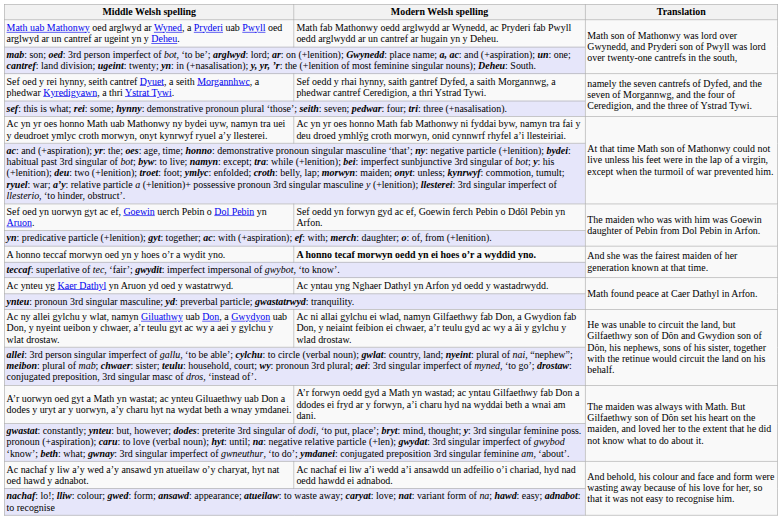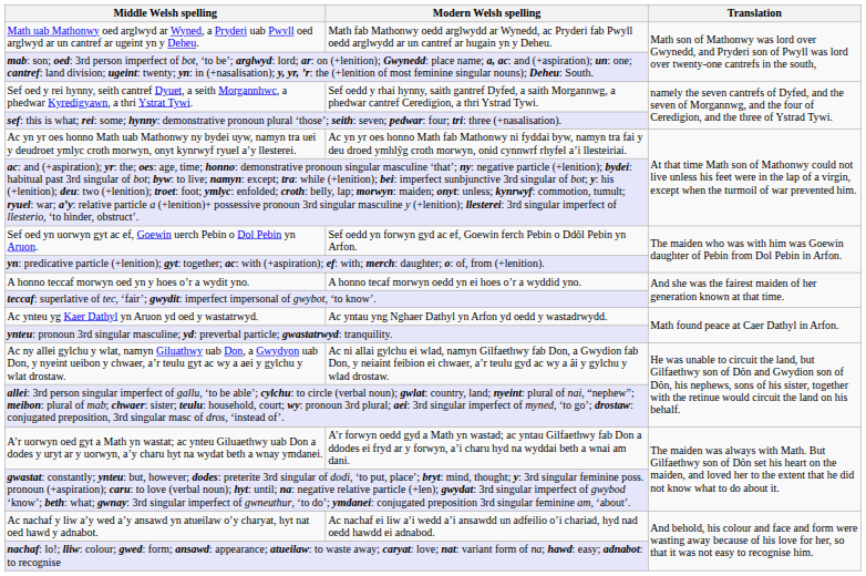 <table class="wikitable">
 <tr>
 <th>Middle Welsh spelling</th>
 <th>Modern Welsh spelling</th>
 <th>Translation</th>
 </tr>
 <tr>
 <td><a href='#'>Math uab Mathonwy</a> oed arglwyd ar <a href='#'>Wyned</a>, a <a href='#'>Pryderi</a> uab <a href='#'>Pwyll</a> oed arglwyd ar un cantref ar ugeint yn y <a href='#'>Deheu</a>.</td>
 <td>Math fab Mathonwy oedd arglwydd ar Wynedd, ac Pryderi fab Pwyll oedd arglwydd ar un cantref ar hugain yn y Deheu.</td>
 <td rowspan="2">Math son of Mathonwy was lord over Gwynedd, and Pryderi son of Pwyll was lord over twenty-one cantrefs in the south,</td>
 </tr>
 <tr>
 <td style="background: lavender;" colspan="2"><strong><em>mab</em></strong>: son; <strong><em>oed</em></strong>: 3rd person imperfect of <em>bot</em>, ‘to be’; <strong><em>arglwyd</em></strong>: lord; <strong><em>ar</em></strong>: on (+lenition); <strong><em>Gwynedd</em></strong>: place name; <strong><em>a<em>, </em>ac</em></strong>: and (+aspiration); <strong><em>un</em></strong>: one; <strong><em>cantref</em></strong>: land division; <strong><em>ugeint</em></strong>: twenty; <strong><em>yn</em></strong>: in (+nasalisation); <strong><em>y<em>, </em>yr, ’r</em></strong>: the (+lenition of most feminine singular nouns); <strong><em>Deheu</em></strong>: South.</td>
 </tr>
 <tr>
 <td>Sef oed y rei hynny, seith cantref <a href='#'>Dyuet</a>, a seith <a href='#'>Morgannhwc</a>, a phedwar <a href='#'>Kyredigyawn</a>, a thri <a href='#'>Ystrat Tywi</a>.</td>
 <td>Sef oedd y rhai hynny, saith gantref Dyfed, a saith Morgannwg, a phedwar cantref Ceredigion, a thri Ystrad Tywi.</td>
 <td rowspan="2">namely the seven cantrefs of Dyfed, and the seven of Morgannwg, and the four of Ceredigion, and the three of Ystrad Tywi.</td>
 </tr>
 <tr>
 <td style="background: lavender;" colspan="2"><strong><em>sef</em></strong>: this is what; <strong><em>rei</em></strong>: some; <strong><em>hynny</em></strong>: demonstrative pronoun plural ‘those’; <strong><em>seith</em></strong>: seven; <strong><em>pedwar</em></strong>: four; <strong><em>tri</em></strong>: three (+nasalisation).</td>
 </tr>
 <tr>
 <td>Ac yn yr oes honno Math uab Mathonwy ny bydei uyw, namyn tra uei y deudroet ymlyc croth morwyn, onyt kynrwyf ryuel a’y llesterei.</td>
 <td>Ac yn yr oes honno Math fab Mathonwy ni fyddai byw, namyn tra fai y deu droed ymhlŷg croth morwyn, onid cynnwrf rhyfel a’i llesteiriai.</td>
 <td rowspan="2">At that time Math son of Mathonwy could not live unless his feet were in the lap of a virgin, except when the turmoil of war prevented him.</td>
 </tr>
 <tr>
 <td style="background: lavender;" colspan="2"><strong><em>ac</em></strong>: and (+aspiration); <strong><em>yr</em></strong>: the; <strong><em>oes</em></strong>: age, time; <strong><em>honno</em></strong>: demonstrative pronoun singular masculine ‘that’; <strong><em>ny</em></strong>: negative particle (+lenition); <strong><em>bydei</em></strong>: habitual past 3rd singular of <em>bot</em>; <strong><em>byw</em></strong>: to live; <strong><em>namyn</em></strong>: except; <strong><em>tra</em></strong>: while (+lenition); <strong><em>bei</em></strong>: imperfect sunbjunctive  3rd singular of <em>bot</em>; <strong><em>y</em></strong>: his (+lenition); <strong><em>deu</em></strong>: two (+lenition); <strong><em>troet</em></strong>: foot; <strong><em>ymlyc</em></strong>: enfolded; <strong><em>croth</em></strong>: belly, lap; <strong><em>morwyn</em></strong>: maiden; <strong><em>onyt</em></strong>: unless; <strong><em>kynrwyf</em></strong>: commotion, tumult; <strong><em>ryuel</em></strong>: war; <strong><em>a’y</em></strong>: relative particle <em>a</em> (+lenition)+ possessive pronoun 3rd singular masculine <em>y</em> (+lenition); <strong><em>llesterei</em></strong>: 3rd singular imperfect of <em>llesterio</em>, ‘to hinder, obstruct’.</td>
 </tr>
 <tr>
 <td>Sef oed yn uorwyn gyt ac ef, <a href='#'>Goewin</a> uerch Pebin o <a href='#'>Dol Pebin</a> yn <a href='#'>Aruon</a>.</td>
 <td>Sef oedd yn forwyn gyd ac ef, Goewin ferch Pebin o Ddôl Pebin yn Arfon.</td>
 <td rowspan="2">The maiden who was with him was Goewin daughter of Pebin from Dol Pebin in Arfon.</td>
 </tr>
 <tr>
 <td style="background: lavender;" colspan="2"><strong><em>yn</em></strong>: predicative particle (+lenition); <strong><em>gyt</em></strong>: together; <strong><em>ac</em></strong>: with (+aspiration); <strong><em>ef</em></strong>: with; <strong><em>merch</em></strong>: daughter; <strong><em>o</em></strong>: of, from (+lenition).</td>
 </tr>
 <tr>
 <td>A honno teccaf morwyn oed yn y hoes o’r a wydit yno.</td>
-<td><strong>A honno tecaf morwyn oedd yn ei hoes o’r a wyddid yno.</strong></td>
+<td>A honno tecaf morwyn oedd yn ei hoes o’r a wyddid yno.</td>
 <td rowspan="2">And she was the fairest maiden of her generation known at that time.</td>
 </tr>
 <tr>
 <td style="background: lavender;" colspan="2"><strong><em>teccaf</em></strong>: superlative of <em>tec</em>, ‘fair’; <strong><em>gwydit</em></strong>: imperfect impersonal of <em>gwybot</em>, ‘to know’.</td>
 </tr>
 <tr>
 <td>Ac ynteu yg <a href='#'>Kaer Dathyl</a> yn Aruon yd oed y wastatrwyd.</td>
 <td>Ac yntau yng Nghaer Dathyl yn Arfon yd oedd y wastadrwydd.</td>
 <td rowspan="2">Math found peace at Caer Dathyl in Arfon.</td>
 </tr>
 <tr>
 <td style="background: lavender;" colspan="2"><strong><em>ynteu</em></strong>: pronoun 3rd singular masculine; <strong><em>yd</em></strong>: preverbal particle; <strong><em>gwastatrwyd</em></strong>: tranquility.</td>
 </tr>
 <tr>
 <td>Ac ny allei gylchu y wlat, namyn <a href='#'>Giluathwy</a> uab <a href='#'>Don</a>, a <a href='#'>Gwydyon</a> uab Don, y nyeint ueibon y chwaer, a’r teulu gyt ac wy a aei y gylchu y wlat drostaw.</td>
 <td>Ac ni allai gylchu ei wlad, namyn Gilfaethwy fab Don, a Gwydion fab Don, y neiaint feibion ei chwaer, a’r teulu gyd ac wy a âi y gylchu y wlad drostaw.</td>
 <td rowspan="2">He was unable to circuit the land, but Gilfaethwy son of Dôn and Gwydion son of Dôn, his nephews, sons of his sister, together with the retinue would circuit the land on his behalf.</td>
 </tr>
 <tr>
 <td style="background: lavender;" colspan="2"><strong><em>allei</em></strong>: 3rd person singular imperfect of <em>gallu</em>, ‘to be able’; <strong><em>cylchu</em></strong>: to circle (verbal noun); <strong><em>gwlat</em></strong>: country, land; <strong><em>nyeint</em></strong>: plural of <em>nai</em>, “nephew”; <strong><em>meibon</em></strong>: plural of <em>mab</em>; <strong><em>chwaer</em></strong>: sister; <strong><em>teulu</em></strong>: household, court; <strong><em>wy</em></strong>: pronoun 3rd plural; <strong><em>aei</em></strong>: 3rd singular imperfect of <em>myned</em>, ‘to go’; <strong><em>drostaw</em></strong>: conjugated preposition, 3rd singular masc of <em>dros</em>, ‘instead of’.</td>
 </tr>
 <tr>
 <td>A’r uorwyn oed gyt a Math yn wastat; ac ynteu Giluaethwy uab Don a dodes y uryt ar y uorwyn, a’y charu hyt na wydat beth a wnay ymdanei.</td>
 <td>A’r forwyn oedd gyd a Math yn wastad; ac yntau Gilfaethwy fab Don a ddodes ei fryd ar y forwyn, a’i charu hyd na wyddai beth a wnai am dani.</td>
 <td rowspan="2">The maiden was always with Math. But Gilfaethwy son of Dôn set his heart on the maiden, and loved her to the extent that he did not know what to do about it.</td>
 </tr>
 <tr>
 <td style="background: lavender;" colspan="2"><strong><em>gwastat</em></strong>: constantly; <strong><em>ynteu</em></strong>: but, however; <strong><em>dodes</em></strong>: preterite 3rd singular of <em>dodi</em>, ‘to put, place’; <strong><em>bryt</em></strong>: mind, thought; <strong><em>y</em></strong>: 3rd singular feminine poss. pronoun (+aspiration); <strong><em>caru</em></strong>: to love (verbal noun); <strong><em>hyt</em></strong>: until; <strong><em>na</em></strong>: negative relative particle (+len); <strong><em>gwydat</em></strong>: 3rd singular imperfect of <em>gwybod</em> ‘know’; <strong><em>beth</em></strong>: what;  <strong><em>gwnay</em></strong>: 3rd singular imperfect of <em>gwneuthur</em>, ‘to do’; <strong><em>ymdanei</em></strong>: conjugated preposition 3rd singular feminine <em>am</em>, ‘about’.</td>
 </tr>
 <tr>
 <td>Ac nachaf y liw a’y wed a’y ansawd yn atueilaw o’y charyat, hyt nat oed hawd y adnabot.</td>
 <td>Ac nachaf ei liw a’i wedd a’i ansawdd un adfeilio o’i chariad, hyd nad oedd hawdd ei adnabod.</td>
 <td rowspan="2">And behold, his colour and face and form were wasting away because of his love for her, so that it was not easy to recognise him.</td>
 </tr>
 <tr>
 <td style="background: lavender;" colspan="2"><strong><em>nachaf</em></strong>: lo!; <strong><em>lliw</em></strong>: colour; <strong><em>gwed</em></strong>: form; <strong><em>ansawd</em></strong>: appearance; <strong><em>atueilaw</em></strong>: to waste away; <strong><em>caryat</em></strong>: love; <strong><em>nat</em></strong>: variant form of <em>na</em>; <strong><em>hawd</em></strong>: easy; <strong><em>adnabot</em></strong>: to recognise</td>
 </tr>
 </table>
